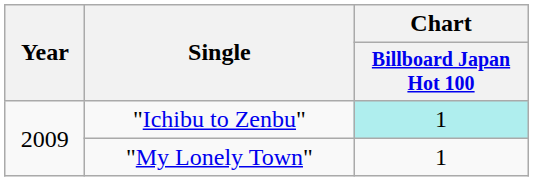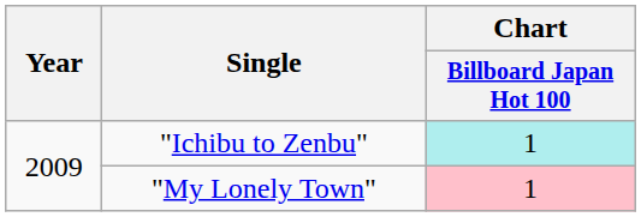 <table class="wikitable"  style="width:350px; text-align:center;">
 <tr>
 <th rowspan="2">Year</th>
 <th rowspan="2">Single</th>
 <th colspan="2">Chart</th>
 </tr>
 <tr style="font-size:smaller;">
 <th style="width:110px;"><a href='#'>Billboard Japan Hot 100</a></th>
 </tr>
 <tr>
 <td rowspan="2">2009</td>
 <td>"<a href='#'>Ichibu to Zenbu</a>"</td>
 <td style="background: paleturquoise;">1</td>
 </tr>
 <tr>
 <td>"<a href='#'>My Lonely Town</a>"</td>
-<td>1</td>
+<td style="background: pink;">1</td>
 </tr>
 </table>
